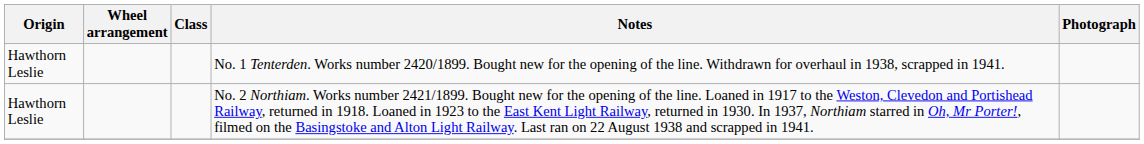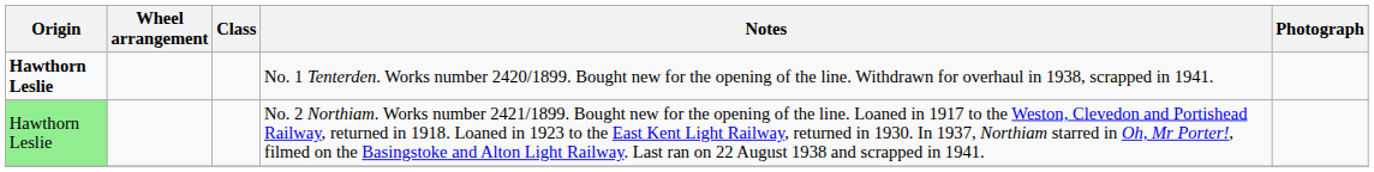 <table class="wikitable">
 <tr>
 <th>Origin</th>
 <th>Wheel<br>arrangement</th>
 <th>Class</th>
 <th>Notes</th>
 <th>Photograph</th>
 </tr>
 <tr>
-<td>Hawthorn Leslie</td>
+<td><strong>Hawthorn Leslie</strong></td>
 <td></td>
 <td></td>
 <td>No. 1 <em>Tenterden</em>. Works number 2420/1899. Bought new for the opening of the line. Withdrawn for overhaul in 1938, scrapped in 1941.</td>
 <td></td>
 </tr>
 <tr>
-<td>Hawthorn Leslie</td>
+<td style="background: lightgreen;">Hawthorn Leslie</td>
 <td></td>
 <td></td>
 <td>No. 2 <em>Northiam</em>. Works number 2421/1899. Bought new for the opening of the line. Loaned in 1917 to the <a href='#'>Weston, Clevedon and Portishead Railway</a>, returned in 1918. Loaned in 1923 to the <a href='#'>East Kent Light Railway</a>, returned in 1930. In 1937, <em>Northiam</em> starred in <em><a href='#'>Oh, Mr Porter!</a></em>, filmed on the <a href='#'>Basingstoke and Alton Light Railway</a>. Last ran on 22 August 1938 and scrapped in 1941.</td>
 <td></td>
 </tr>
 <tr>
 </tr>
 </table>
